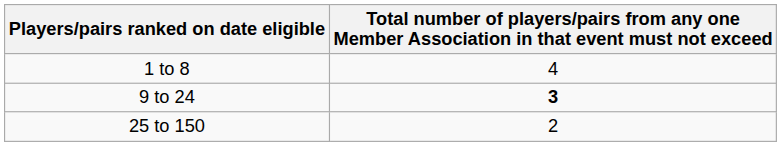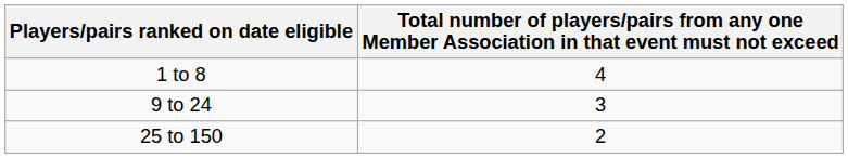 <table class="wikitable" style="text-align:center">
 <tr>
 <th>Players/pairs ranked on date eligible</th>
 <th>Total number of players/pairs from any one<br>Member Association in that event must not exceed</th>
 </tr>
 <tr>
 <td>1 to 8</td>
 <td>4</td>
 </tr>
 <tr>
 <td>9 to 24</td>
-<td><strong>3</strong></td>
+<td>3</td>
 </tr>
 <tr>
 <td>25 to 150</td>
 <td>2</td>
 </tr>
 </table>
